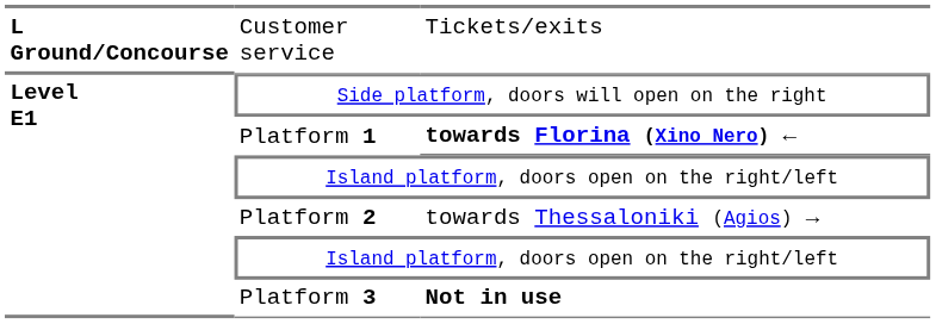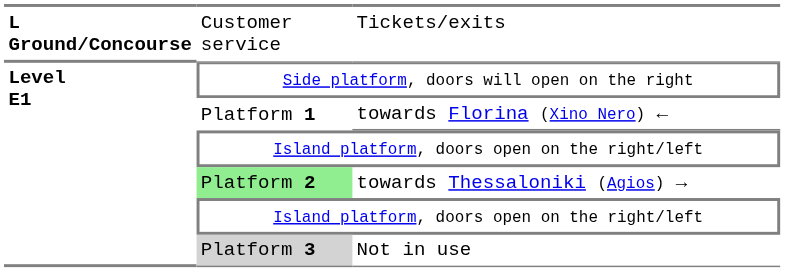 <table table border=0 cellspacing=0 cellpadding=3>
 <tr>
 <td style="border-bottom:solid 2px gray;border-top:solid 2px gray;" width=50 valign=top><strong>L<br>Ground/Concourse</strong></td>
 <td style="border-top:solid 2px gray;border-bottom:solid 1px gray;" width=100 valign=top>Customer service</td>
 <td style="border-top:solid 2px gray;border-bottom:solid 1px gray;" width=285 valign=top>Tickets/exits</td>
 </tr>
 <tr>
 <td style="border-bottom:solid 2px gray;" rowspan=12 valign=top><strong>Level<br>Ε1</strong></td>
 <td style="border-top:solid 1px gray;border-right:solid 2px gray;border-left:solid 2px gray;border-bottom:solid 2px gray;text-align:center;" colspan=2><small><a href='#'>Side platform</a>, doors will open on the right</small></td>
 </tr>
 <tr>
 <td>Platform <span><strong>1</strong></span></td>
-<td style="border-bottom:solid 1px gray;"><strong> towards <a href='#'>Florina</a> <small>(<a href='#'>Xino Nero</a>)</small> ←</strong></td>
+<td style="border-bottom:solid 1px gray;"> towards <a href='#'>Florina</a> <small>(<a href='#'>Xino Nero</a>)</small> ←</td>
 </tr>
 <tr>
 <td style="border-top:solid 2px gray;border-right:solid 2px gray;border-left:solid 2px gray;border-bottom:solid 2px gray;text-align:center;" colspan=2><small><a href='#'>Island platform</a>, doors open on the right/left</small></td>
 </tr>
 <tr>
-<td>Platform <span><strong>2</strong></span></td>
+<td style="background: lightgreen;">Platform <span><strong>2</strong></span></td>
 <td> towards <a href='#'>Thessaloniki</a> <small>(<a href='#'>Agios</a>)</small> →</td>
 </tr>
 <tr>
 <td style="border-top:solid 2px gray;border-right:solid 2px gray;border-left:solid 2px gray;border-bottom:solid 2px gray;text-align:center;" colspan=2><small><a href='#'>Island platform</a>, doors open on the right/left</small></td>
 </tr>
 <tr>
-<td style="border-bottom:solid 1px gray;">Platform <strong>3</strong></td>
-<td style="border-bottom:solid 1px gray;"><strong>Not in use</strong></td>
+<td style="background: lightgrey; border-bottom:solid 1px gray;">Platform <strong>3</strong></td>
+<td style="border-bottom:solid 1px gray;">Not in use</td>
 </tr>
 <tr>
 </tr>
 </table>
